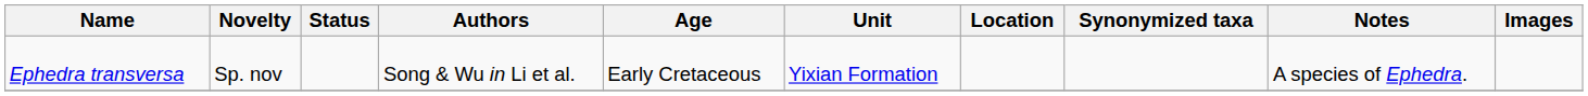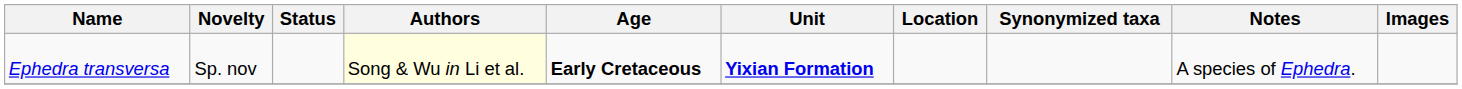 <table class="wikitable sortable" align="center" width="100%">
 <tr>
 <th>Name</th>
 <th>Novelty</th>
 <th>Status</th>
 <th>Authors</th>
 <th>Age</th>
 <th>Unit</th>
 <th>Location</th>
 <th>Synonymized taxa</th>
 <th>Notes</th>
 <th>Images</th>
 </tr>
 <tr>
 <td><br><em><a href='#'>Ephedra transversa</a></em></td>
 <td><br>Sp. nov</td>
 <td></td>
-<td><br>Song & Wu <em>in</em> Li et al.</td>
-<td><br>Early Cretaceous</td>
-<td><br><a href='#'>Yixian Formation</a></td>
+<td style="background: lightyellow;"><br>Song & Wu <em>in</em> Li et al.</td>
+<td><strong><br>Early Cretaceous</strong></td>
+<td><strong><br><a href='#'>Yixian Formation</a></strong></td>
 <td><br></td>
 <td></td>
 <td><br>A species of <em><a href='#'>Ephedra</a></em>.</td>
 <td></td>
 </tr>
 <tr>
 </tr>
 </table>
